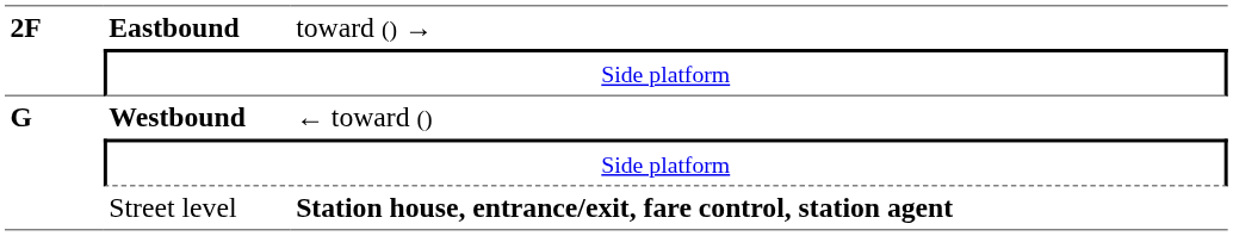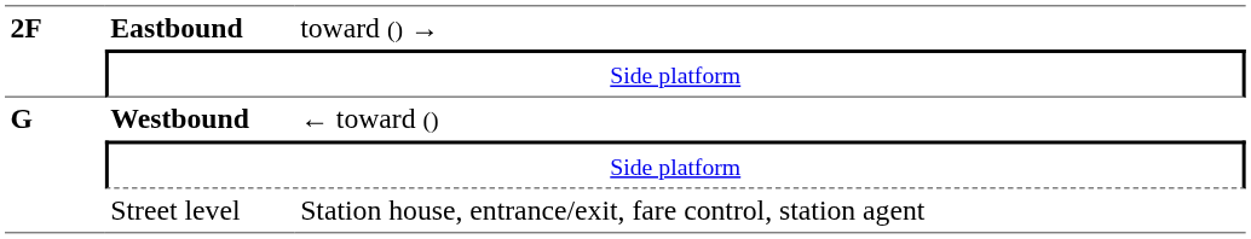 <table border=0 cellspacing=0 cellpadding=3>
 <tr>
 <td style="border-top:solid 1px gray;border-bottom:solid 1px gray;" width=50 rowspan=2 valign=top><strong>2F</strong></td>
 <td style="border-top:solid 1px gray;" width=100><span><strong>Eastbound</strong></span></td>
 <td style="border-top:solid 1px gray;" width=525>  toward  <small>()</small> →</td>
 </tr>
 <tr>
 <td style="border-bottom:solid 1px gray;border-top:solid 2px black;border-right:solid 2px black;border-left:solid 2px black;text-align:center;" colspan=2><small><a href='#'>Side platform</a></small></td>
 </tr>
 <tr>
 <td style="border-bottom:solid 1px gray;" rowspan=3 valign=top><strong>G</strong></td>
 <td><span><strong>Westbound</strong></span></td>
 <td>←  toward  <small>()</small></td>
 </tr>
 <tr>
 <td style="border-bottom:dashed 1px gray;border-top:solid 2px black;border-right:solid 2px black;border-left:solid 2px black;text-align:center;" colspan=2><small><a href='#'>Side platform</a> </small></td>
 </tr>
 <tr>
 <td style="border-bottom:solid 1px gray;">Street level</td>
-<td style="border-bottom:solid 1px gray;"><strong>Station house, entrance/exit, fare control, station agent<br></strong></td>
+<td style="border-bottom:solid 1px gray;">Station house, entrance/exit, fare control, station agent<br></td>
 </tr>
 </table>
